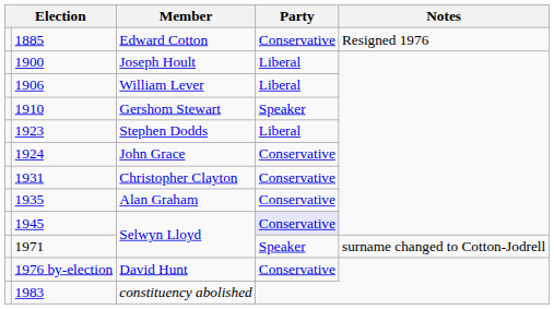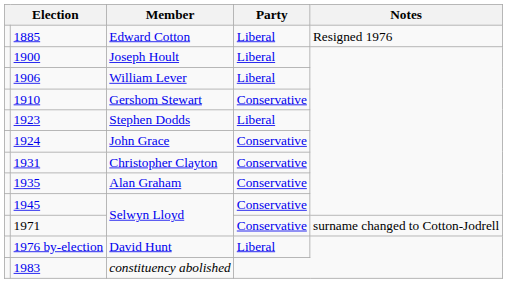 <table class="wikitable">
 <tr>
 <th colspan="2">Election</th>
 <th>Member</th>
 <th>Party</th>
 <th>Notes</th>
 </tr>
 <tr>
 <td style="color:inherit;background-color: "></td>
 <td><a href='#'>1885</a></td>
 <td><a href='#'>Edward Cotton</a></td>
-<td><a href='#'>Conservative</a></td>
+<td><a href='#'>Liberal</a></td>
 <td>Resigned 1976</td>
 </tr>
 <tr>
 <td style="color:inherit;background-color: "></td>
 <td><a href='#'>1900</a></td>
 <td><a href='#'>Joseph Hoult</a></td>
 <td><a href='#'>Liberal</a></td>
 </tr>
 <tr>
 <td style="color:inherit;background-color: "></td>
 <td><a href='#'>1906</a></td>
 <td><a href='#'>William Lever</a></td>
 <td><a href='#'>Liberal</a></td>
 </tr>
 <tr>
 <td style="color:inherit;background-color: "></td>
 <td><a href='#'>1910</a></td>
 <td><a href='#'>Gershom Stewart</a></td>
-<td><a href='#'>Speaker</a></td>
+<td><a href='#'>Conservative</a></td>
 </tr>
 <tr>
 <td style="color:inherit;background-color: "></td>
 <td><a href='#'>1923</a></td>
 <td><a href='#'>Stephen Dodds</a></td>
 <td><a href='#'>Liberal</a></td>
 </tr>
 <tr>
 <td style="color:inherit;background-color: "></td>
 <td><a href='#'>1924</a></td>
 <td><a href='#'>John Grace</a></td>
 <td><a href='#'>Conservative</a></td>
 </tr>
 <tr>
 <td style="color:inherit;background-color: "></td>
 <td><a href='#'>1931</a></td>
 <td><a href='#'>Christopher Clayton</a></td>
 <td><a href='#'>Conservative</a></td>
 </tr>
 <tr>
 <td style="color:inherit;background-color: "></td>
 <td><a href='#'>1935</a></td>
 <td><a href='#'>Alan Graham</a></td>
 <td><a href='#'>Conservative</a></td>
 </tr>
 <tr>
 <td style="color:inherit;background-color: "></td>
 <td><a href='#'>1945</a></td>
 <td rowspan="2"><a href='#'>Selwyn Lloyd</a></td>
-<td style="background: lavender;"><a href='#'>Conservative</a></td>
+<td><a href='#'>Conservative</a></td>
 </tr>
 <tr>
 <td style="color:inherit;background-color: "></td>
 <td>1971</td>
-<td><a href='#'>Speaker</a></td>
+<td><a href='#'>Conservative</a></td>
 <td>surname changed to Cotton-Jodrell</td>
 </tr>
 <tr>
 <td style="color:inherit;background-color: "></td>
 <td><a href='#'>1976 by-election</a></td>
 <td><a href='#'>David Hunt</a></td>
-<td><a href='#'>Conservative</a></td>
+<td><a href='#'>Liberal</a></td>
 </tr>
 <tr>
 <td></td>
 <td><a href='#'>1983</a></td>
 <td><em>constituency abolished</em></td>
 </tr>
 </table>
